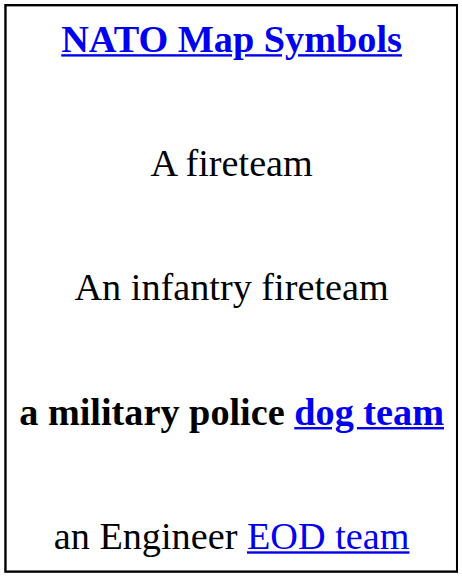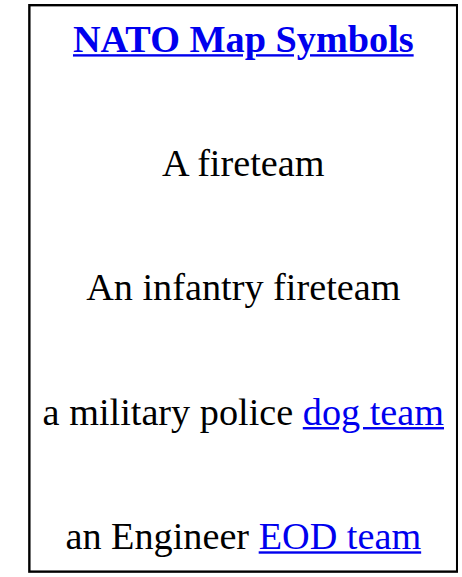 <table class="floatright" style="border:1px solid black; background:white;float: right;text-align: center" cellpadding="3">
 <tr>
 <th><a href='#'>NATO Map Symbols</a></th>
 </tr>
 <tr>
 <td><br></td>
 </tr>
 <tr>
 <td>A fireteam</td>
 </tr>
 <tr>
 <td><br></td>
 </tr>
 <tr>
 <td>An infantry fireteam</td>
 </tr>
 <tr>
 <td><br></td>
 </tr>
 <tr>
-<td><strong>a military police <a href='#'>dog team</a></strong></td>
+<td>a military police <a href='#'>dog team</a></td>
 </tr>
 <tr>
 <td><br></td>
 </tr>
 <tr>
 <td>an Engineer <a href='#'>EOD team</a></td>
 </tr>
 </table>
